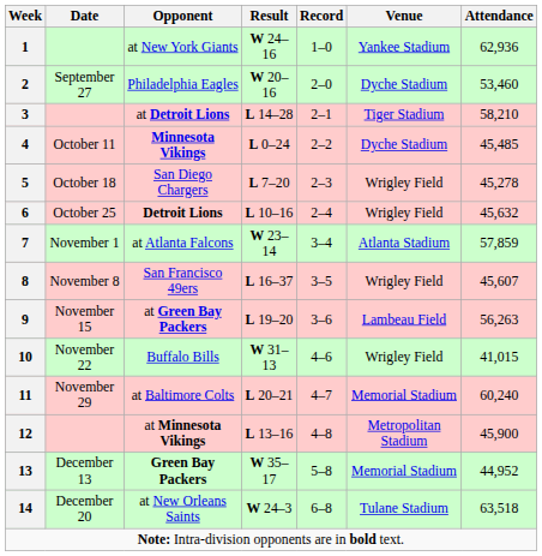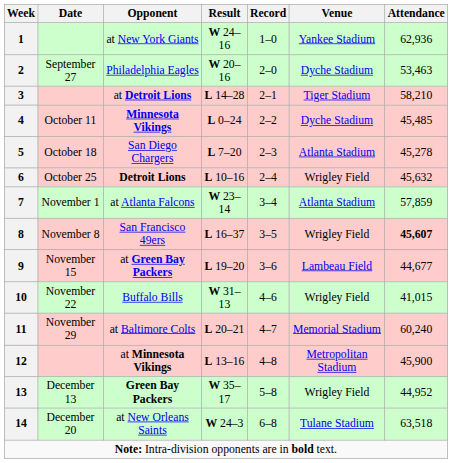 <table class="wikitable" style="text-align:center">
 <tr>
 <th>Week</th>
 <th>Date</th>
 <th>Opponent</th>
 <th>Result</th>
 <th>Record</th>
 <th>Venue</th>
 <th>Attendance</th>
 </tr>
 <tr style="background:#cfc">
 <th>1</th>
 <td></td>
 <td>at <a href='#'>New York Giants</a></td>
 <td><strong>W</strong> 24–16</td>
 <td>1–0</td>
 <td><a href='#'>Yankee Stadium</a></td>
 <td>62,936</td>
 </tr>
 <tr style="background:#cfc">
 <th>2</th>
 <td>September 27</td>
 <td><a href='#'>Philadelphia Eagles</a></td>
 <td><strong>W</strong> 20–16</td>
 <td>2–0</td>
 <td><a href='#'>Dyche Stadium</a></td>
-<td>53,460</td>
+<td>53,463</td>
 </tr>
 <tr style="background:#fcc">
 <th>3</th>
 <td></td>
 <td>at <strong><a href='#'>Detroit Lions</a></strong></td>
 <td><strong>L</strong> 14–28</td>
 <td>2–1</td>
 <td><a href='#'>Tiger Stadium</a></td>
 <td>58,210</td>
 </tr>
 <tr style="background:#fcc">
 <th>4</th>
 <td>October 11</td>
 <td><strong><a href='#'>Minnesota Vikings</a></strong></td>
 <td><strong>L</strong> 0–24</td>
 <td>2–2</td>
 <td><a href='#'>Dyche Stadium</a></td>
 <td>45,485</td>
 </tr>
 <tr style="background:#fcc">
 <th>5</th>
 <td>October 18</td>
 <td><a href='#'>San Diego Chargers</a></td>
 <td><strong>L</strong> 7–20</td>
 <td>2–3</td>
-<td>Wrigley Field</td>
+<td><a href='#'>Atlanta Stadium</a></td>
 <td>45,278</td>
 </tr>
 <tr style="background:#fcc">
 <th>6</th>
 <td>October 25</td>
 <td><strong>Detroit Lions</strong></td>
 <td><strong>L</strong> 10–16</td>
 <td>2–4</td>
 <td>Wrigley Field</td>
 <td>45,632</td>
 </tr>
 <tr style="background:#cfc">
 <th>7</th>
 <td>November 1</td>
 <td>at <a href='#'>Atlanta Falcons</a></td>
 <td><strong>W</strong> 23–14</td>
 <td>3–4</td>
 <td><a href='#'>Atlanta Stadium</a></td>
 <td>57,859</td>
 </tr>
 <tr style="background:#fcc">
 <th>8</th>
 <td>November 8</td>
 <td><a href='#'>San Francisco 49ers</a></td>
 <td><strong>L</strong> 16–37</td>
 <td>3–5</td>
 <td>Wrigley Field</td>
-<td>45,607</td>
+<td><strong>45,607</strong></td>
 </tr>
 <tr style="background:#fcc">
 <th>9</th>
 <td>November 15</td>
 <td>at <strong><a href='#'>Green Bay Packers</a></strong></td>
 <td><strong>L</strong> 19–20</td>
 <td>3–6</td>
 <td><a href='#'>Lambeau Field</a></td>
-<td>56,263</td>
+<td>44,677</td>
 </tr>
 <tr style="background:#cfc">
 <th>10</th>
 <td>November 22</td>
 <td><a href='#'>Buffalo Bills</a></td>
 <td><strong>W</strong> 31–13</td>
 <td>4–6</td>
 <td>Wrigley Field</td>
 <td>41,015</td>
 </tr>
 <tr style="background:#fcc">
 <th>11</th>
 <td>November 29</td>
 <td>at <a href='#'>Baltimore Colts</a></td>
 <td><strong>L</strong> 20–21</td>
 <td>4–7</td>
 <td><a href='#'>Memorial Stadium</a></td>
 <td>60,240</td>
 </tr>
 <tr style="background:#fcc">
 <th>12</th>
 <td></td>
 <td>at <strong>Minnesota Vikings</strong></td>
 <td><strong>L</strong> 13–16</td>
 <td>4–8</td>
 <td><a href='#'>Metropolitan Stadium</a></td>
 <td>45,900</td>
 </tr>
 <tr style="background:#cfc">
 <th>13</th>
 <td>December 13</td>
 <td><strong>Green Bay Packers</strong></td>
 <td><strong>W</strong> 35–17</td>
 <td>5–8</td>
-<td><a href='#'>Memorial Stadium</a></td>
+<td>Wrigley Field</td>
 <td>44,952</td>
 </tr>
 <tr style="background:#cfc">
 <th>14</th>
 <td>December 20</td>
 <td>at <a href='#'>New Orleans Saints</a></td>
 <td><strong>W</strong> 24–3</td>
 <td>6–8</td>
 <td><a href='#'>Tulane Stadium</a></td>
 <td>63,518</td>
 </tr>
 <tr>
 <td colspan="8"><strong>Note:</strong> Intra-division opponents are in <strong>bold</strong> text.</td>
 </tr>
 </table>
